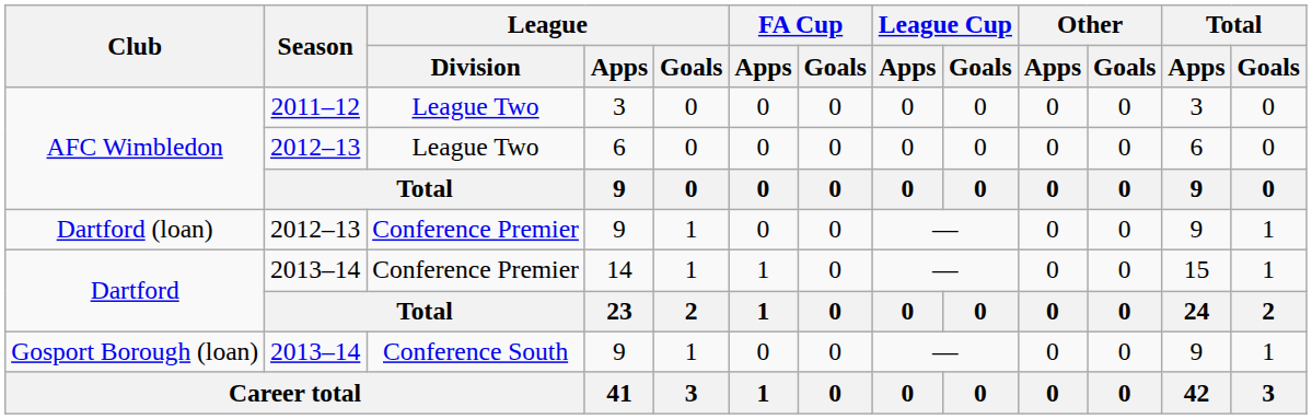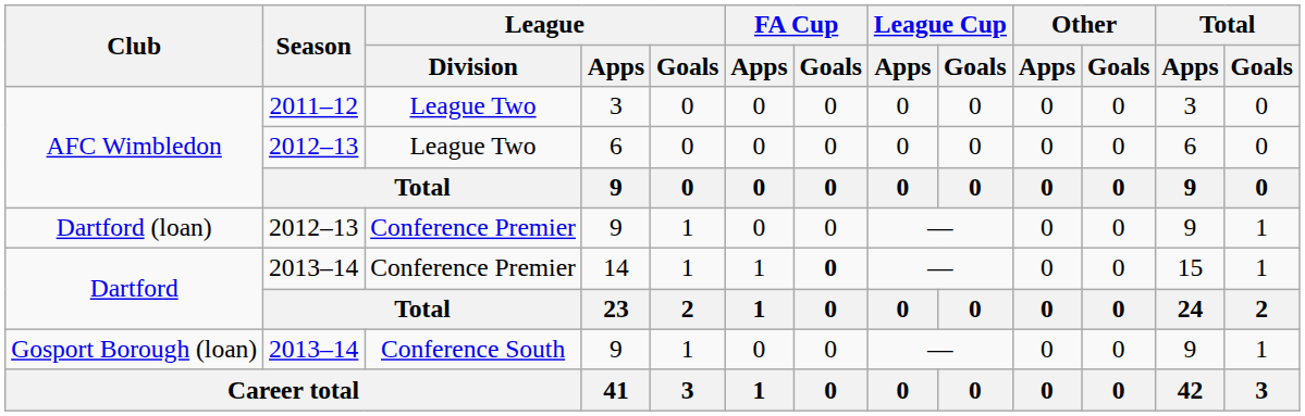 <table class="wikitable" style="text-align: center;">
 <tr>
 <th rowspan="2">Club</th>
 <th rowspan="2">Season</th>
 <th colspan="3">League</th>
 <th colspan="2"><a href='#'>FA Cup</a></th>
 <th colspan="2"><a href='#'>League Cup</a></th>
 <th colspan="2">Other</th>
 <th colspan="2">Total</th>
 </tr>
 <tr>
 <th>Division</th>
 <th>Apps</th>
 <th>Goals</th>
 <th>Apps</th>
 <th>Goals</th>
 <th>Apps</th>
 <th>Goals</th>
 <th>Apps</th>
 <th>Goals</th>
 <th>Apps</th>
 <th>Goals</th>
 </tr>
 <tr>
 <td rowspan="3" valign="center"><a href='#'>AFC Wimbledon</a></td>
 <td><a href='#'>2011–12</a></td>
 <td><a href='#'>League Two</a></td>
 <td>3</td>
 <td>0</td>
 <td>0</td>
 <td>0</td>
 <td>0</td>
 <td>0</td>
 <td>0</td>
 <td>0</td>
 <td>3</td>
 <td>0</td>
 </tr>
 <tr>
 <td><a href='#'>2012–13</a></td>
 <td>League Two</td>
 <td>6</td>
 <td>0</td>
 <td>0</td>
 <td>0</td>
 <td>0</td>
 <td>0</td>
 <td>0</td>
 <td>0</td>
 <td>6</td>
 <td>0</td>
 </tr>
 <tr>
 <th colspan="2">Total</th>
 <th>9</th>
 <th>0</th>
 <th>0</th>
 <th>0</th>
 <th>0</th>
 <th>0</th>
 <th>0</th>
 <th>0</th>
 <th>9</th>
 <th>0</th>
 </tr>
 <tr>
 <td rowspan="1" valign="center"><a href='#'>Dartford</a> (loan)</td>
 <td>2012–13</td>
 <td><a href='#'>Conference Premier</a></td>
 <td>9</td>
 <td>1</td>
 <td>0</td>
 <td>0</td>
 <td colspan="2">—</td>
 <td>0</td>
 <td>0</td>
 <td>9</td>
 <td>1</td>
 </tr>
 <tr>
 <td rowspan="2" valign="center"><a href='#'>Dartford</a></td>
 <td>2013–14</td>
 <td>Conference Premier</td>
 <td>14</td>
 <td>1</td>
 <td>1</td>
-<td>0</td>
+<td><strong>0</strong></td>
 <td colspan="2">—</td>
 <td>0</td>
 <td>0</td>
 <td>15</td>
 <td>1</td>
 </tr>
 <tr>
 <th colspan="2">Total</th>
 <th>23</th>
 <th>2</th>
 <th>1</th>
 <th>0</th>
 <th>0</th>
 <th>0</th>
 <th>0</th>
 <th>0</th>
 <th>24</th>
 <th>2</th>
 </tr>
 <tr>
 <td rowspan="1" valign="center"><a href='#'>Gosport Borough</a> (loan)</td>
 <td><a href='#'>2013–14</a></td>
 <td><a href='#'>Conference South</a></td>
 <td>9</td>
 <td>1</td>
 <td>0</td>
 <td>0</td>
 <td colspan="2">—</td>
 <td>0</td>
 <td>0</td>
 <td>9</td>
 <td>1</td>
 </tr>
 <tr>
 <th colspan="3">Career total</th>
 <th>41</th>
 <th>3</th>
 <th>1</th>
 <th>0</th>
 <th>0</th>
 <th>0</th>
 <th>0</th>
 <th>0</th>
 <th>42</th>
 <th>3</th>
 </tr>
 </table>
